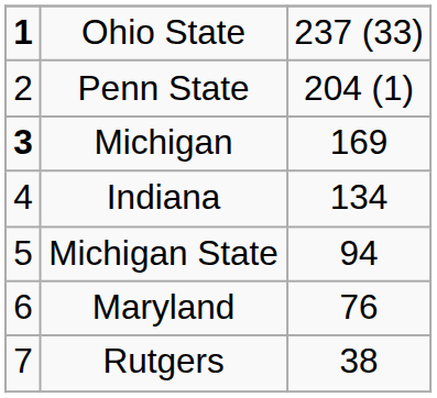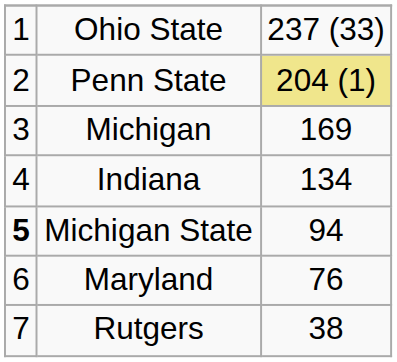 <table class="wikitable" style="display: inline-table;">
 <tr align="center">
 </tr>
 <tr align="center">
-<td><strong>1</strong></td>
+<td>1</td>
 <td>Ohio State</td>
 <td>237 (33)</td>
 </tr>
 <tr align="center">
 <td>2</td>
 <td>Penn State</td>
-<td>204 (1)</td>
+<td style="background: khaki;">204 (1)</td>
 </tr>
 <tr align="center">
-<td><strong>3</strong></td>
+<td>3</td>
 <td>Michigan</td>
 <td>169</td>
 </tr>
 <tr align="center">
 <td>4</td>
 <td>Indiana</td>
 <td>134</td>
 </tr>
 <tr align="center">
-<td>5</td>
+<td><strong>5</strong></td>
 <td>Michigan State</td>
 <td>94</td>
 </tr>
 <tr align="center">
 <td>6</td>
 <td>Maryland</td>
 <td>76</td>
 </tr>
 <tr align="center">
 <td>7</td>
 <td>Rutgers</td>
 <td>38</td>
 </tr>
 </table>
